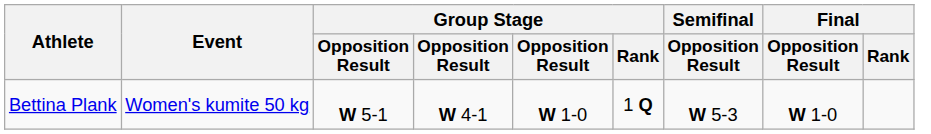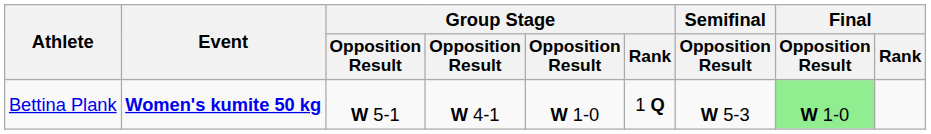 <table class="wikitable" style="text-align:center; font-size: 90%">
 <tr>
 <th rowspan="2">Athlete</th>
 <th rowspan="2">Event</th>
 <th colspan="4">Group Stage</th>
 <th>Semifinal</th>
 <th colspan="2">Final</th>
 </tr>
 <tr style="font-size:95%">
 <th>Opposition<br>Result</th>
 <th>Opposition<br>Result</th>
 <th>Opposition<br>Result</th>
 <th>Rank</th>
 <th>Opposition<br>Result</th>
 <th>Opposition<br>Result</th>
 <th>Rank</th>
 </tr>
 <tr>
 <td align="left"><a href='#'>Bettina Plank</a></td>
-<td align="left"><a href='#'>Women's kumite 50 kg</a></td>
+<td align="left"><strong><a href='#'>Women's kumite 50 kg</a></strong></td>
 <td><br><strong>W</strong> 5-1</td>
 <td><br><strong>W</strong> 4-1</td>
 <td><br><strong>W</strong> 1-0</td>
 <td>1 <strong>Q</strong></td>
 <td><br><strong>W</strong> 5-3</td>
-<td><br><strong>W</strong> 1-0</td>
+<td style="background: lightgreen;"><br><strong>W</strong> 1-0</td>
 <td></td>
 </tr>
 </table>
